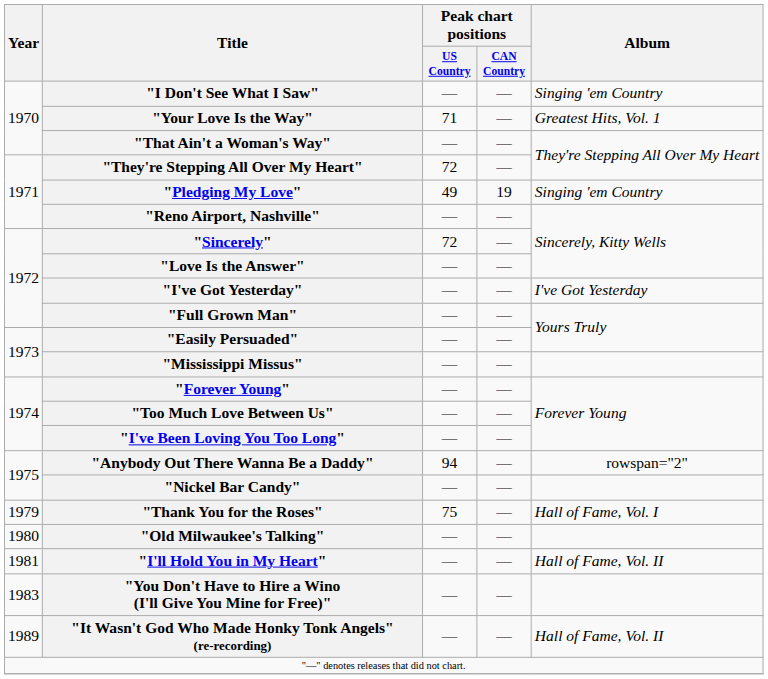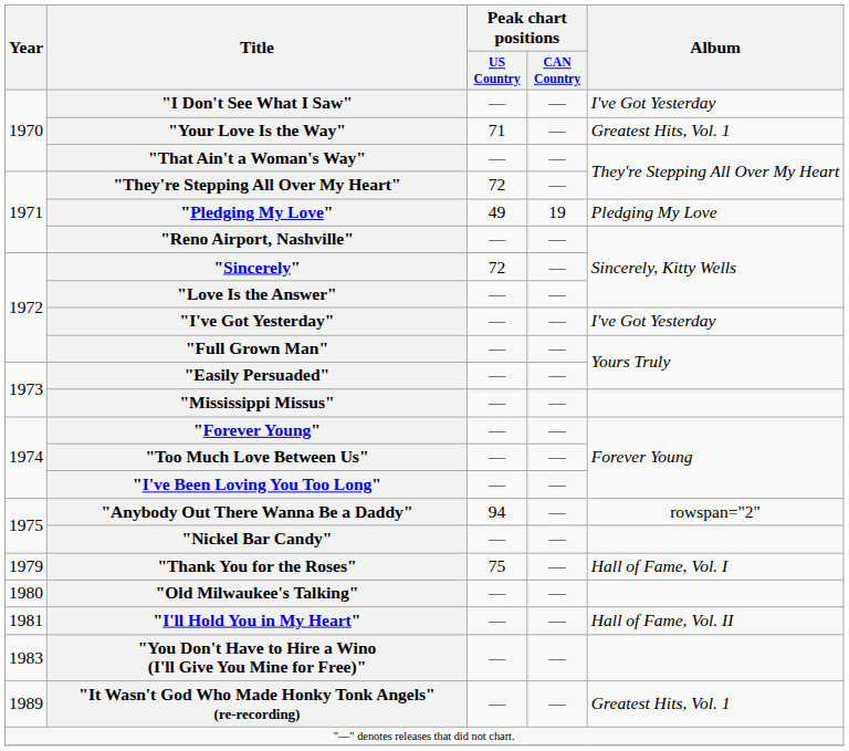 <table class="wikitable plainrowheaders" style="text-align:center;">
 <tr>
 <th scope="col" rowspan="2">Year</th>
 <th scope="col" rowspan="2" style="width:24em;">Title</th>
 <th scope="col" colspan="2">Peak chart positions</th>
 <th scope="col" rowspan="2">Album</th>
 </tr>
 <tr>
 <th scope="col" style="width:4.2em;font-size:75%;"><a href='#'>US Country</a><br></th>
 <th scope="col" style="width:4.2em;font-size:75%;"><a href='#'>CAN Country</a><br></th>
 </tr>
 <tr>
 <td rowspan="3">1970</td>
 <th scope="row">"I Don't See What I Saw"</th>
 <td>—</td>
 <td>—</td>
-<td align="left"><em>Singing 'em Country</em></td>
+<td align="left"><em>I've Got Yesterday</em></td>
 </tr>
 <tr>
 <th scope="row">"Your Love Is the Way"</th>
 <td>71</td>
 <td>—</td>
 <td align="left"><em>Greatest Hits, Vol. 1</em></td>
 </tr>
 <tr>
 <th scope="row">"That Ain't a Woman's Way"</th>
 <td>—</td>
 <td>—</td>
 <td align="left" rowspan="2"><em>They're Stepping All Over My Heart</em></td>
 </tr>
 <tr>
 <td rowspan="3">1971</td>
 <th scope="row">"They're Stepping All Over My Heart"</th>
 <td>72</td>
 <td>—</td>
 </tr>
 <tr>
 <th scope="row">"<a href='#'>Pledging My Love</a>"</th>
 <td>49</td>
 <td>19</td>
-<td align="left"><em>Singing 'em Country</em></td>
+<td align="left"><em>Pledging My Love</em></td>
 </tr>
 <tr>
 <th scope="row">"Reno Airport, Nashville"</th>
 <td>—</td>
 <td>—</td>
 <td align="left" rowspan="3"><em>Sincerely, Kitty Wells</em></td>
 </tr>
 <tr>
 <td rowspan="4">1972</td>
 <th scope="row">"<a href='#'>Sincerely</a>"</th>
 <td>72</td>
 <td>—</td>
 </tr>
 <tr>
 <th scope="row">"Love Is the Answer"</th>
 <td>—</td>
 <td>—</td>
 </tr>
 <tr>
 <th scope="row">"I've Got Yesterday"</th>
 <td>—</td>
 <td>—</td>
 <td align="left"><em>I've Got Yesterday</em></td>
 </tr>
 <tr>
 <th scope="row">"Full Grown Man"</th>
 <td>—</td>
 <td>—</td>
 <td align="left" rowspan="2"><em>Yours Truly</em></td>
 </tr>
 <tr>
 <td rowspan="2">1973</td>
 <th scope="row">"Easily Persuaded"</th>
 <td>—</td>
 <td>—</td>
 </tr>
 <tr>
 <th scope="row">"Mississippi Missus"</th>
 <td>—</td>
 <td>—</td>
 <td></td>
 </tr>
 <tr>
 <td rowspan="3">1974</td>
 <th scope="row">"<a href='#'>Forever Young</a>"</th>
 <td>—</td>
 <td>—</td>
 <td align="left" rowspan="3"><em>Forever Young</em></td>
 </tr>
 <tr>
 <th scope="row">"Too Much Love Between Us"</th>
 <td>—</td>
 <td>—</td>
 </tr>
 <tr>
 <th scope="row">"<a href='#'>I've Been Loving You Too Long</a>"</th>
 <td>—</td>
 <td>—</td>
 </tr>
 <tr>
 <td rowspan="2">1975</td>
 <th scope="row">"Anybody Out There Wanna Be a Daddy"</th>
 <td>94</td>
 <td>—</td>
 <td>rowspan="2" </td>
 </tr>
 <tr>
 <th scope="row">"Nickel Bar Candy"</th>
 <td>—</td>
 <td>—</td>
 </tr>
 <tr>
 <td>1979</td>
 <th scope="row">"Thank You for the Roses"</th>
 <td>75</td>
 <td>—</td>
 <td align="left"><em>Hall of Fame, Vol. I</em></td>
 </tr>
 <tr>
 <td>1980</td>
 <th scope="row">"Old Milwaukee's Talking"</th>
 <td>—</td>
 <td>—</td>
 <td></td>
 </tr>
 <tr>
 <td>1981</td>
 <th scope="row">"<a href='#'>I'll Hold You in My Heart</a>"</th>
 <td>—</td>
 <td>—</td>
 <td align="left"><em>Hall of Fame, Vol. II</em></td>
 </tr>
 <tr>
 <td>1983</td>
 <th scope="row">"You Don't Have to Hire a Wino<br>(I'll Give You Mine for Free)"</th>
 <td>—</td>
 <td>—</td>
 <td></td>
 </tr>
 <tr>
 <td>1989</td>
 <th scope="row">"It Wasn't God Who Made Honky Tonk Angels"<br><small>(re-recording)</small></th>
 <td>—</td>
 <td>—</td>
-<td align="left"><em>Hall of Fame, Vol. II</em></td>
+<td align="left"><em>Greatest Hits, Vol. 1</em></td>
 </tr>
 <tr>
 <td align="center" colspan="10" style="font-size: 8pt">"—" denotes releases that did not chart.</td>
 </tr>
 <tr>
 </tr>
 </table>
